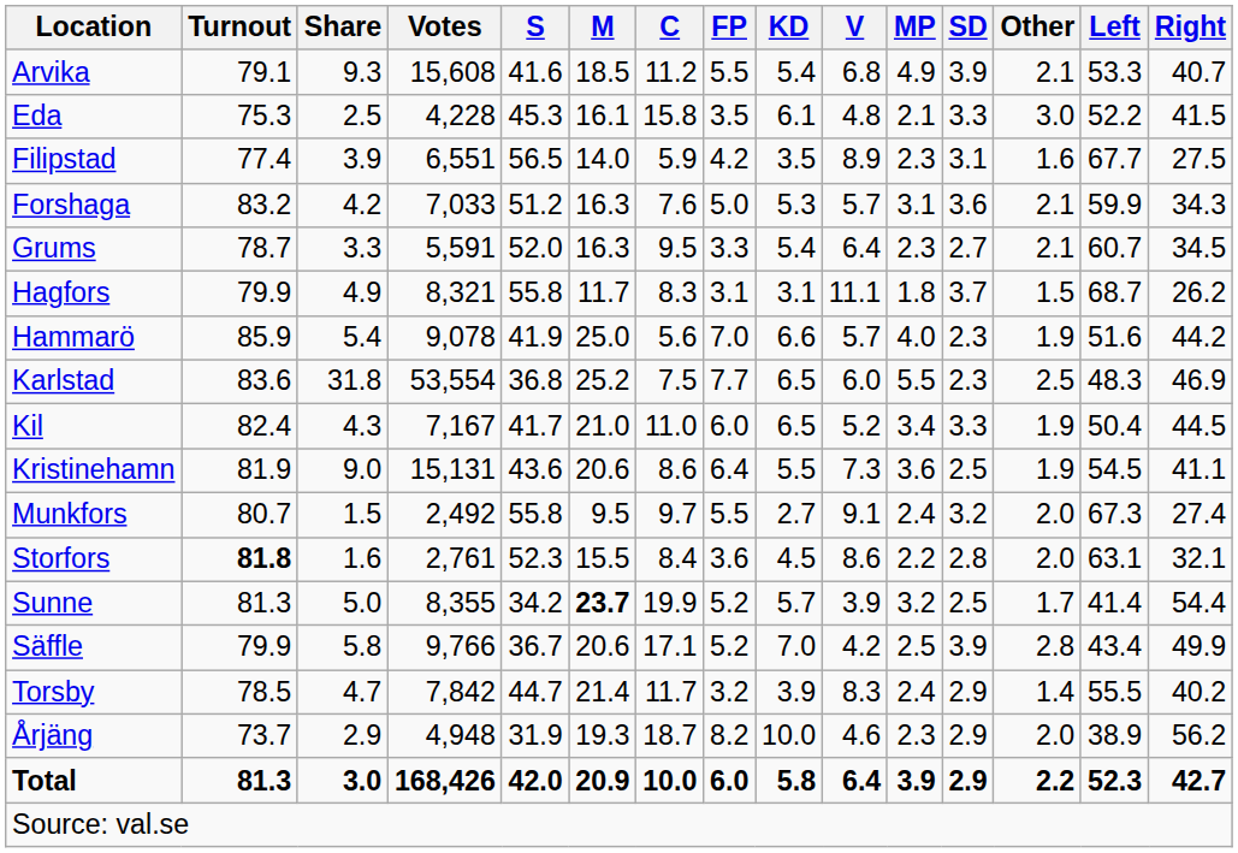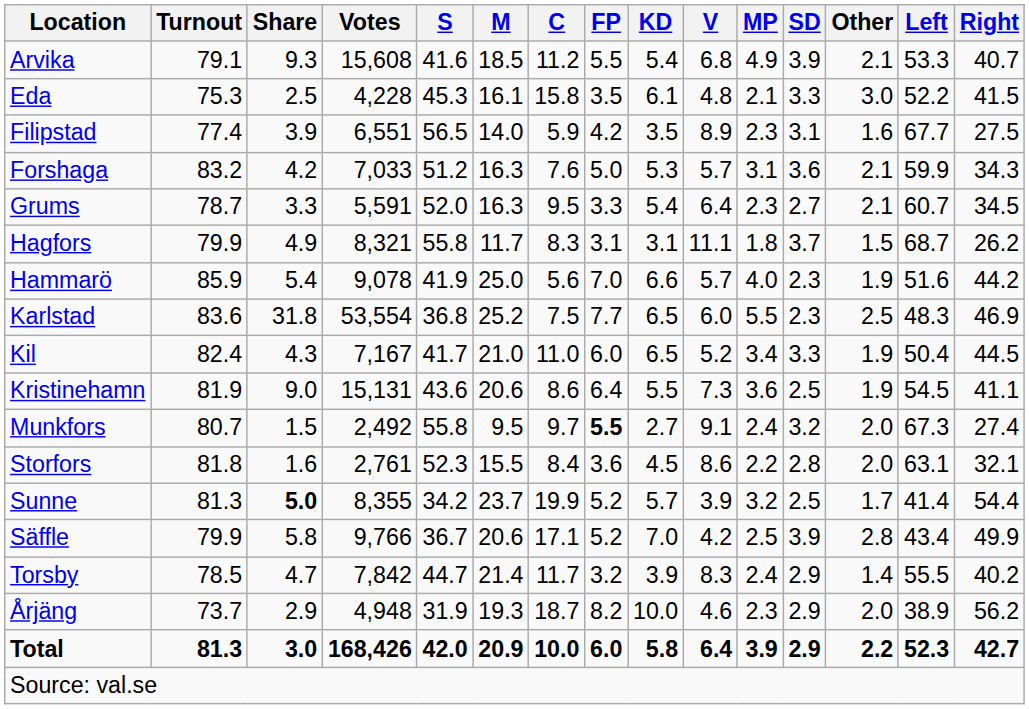 <table class="wikitable sortable" style=text-align:right>
 <tr>
 <th>Location</th>
 <th>Turnout</th>
 <th>Share</th>
 <th>Votes</th>
 <th><a href='#'>S</a></th>
 <th><a href='#'>M</a></th>
 <th><a href='#'>C</a></th>
 <th><a href='#'>FP</a></th>
 <th><a href='#'>KD</a></th>
 <th><a href='#'>V</a></th>
 <th><a href='#'>MP</a></th>
 <th><a href='#'>SD</a></th>
 <th>Other</th>
 <th><a href='#'>Left</a></th>
 <th><a href='#'>Right</a></th>
 </tr>
 <tr>
 <td align=left><a href='#'>Arvika</a></td>
 <td>79.1</td>
 <td>9.3</td>
 <td>15,608</td>
 <td>41.6</td>
 <td>18.5</td>
 <td>11.2</td>
 <td>5.5</td>
 <td>5.4</td>
 <td>6.8</td>
 <td>4.9</td>
 <td>3.9</td>
 <td>2.1</td>
 <td>53.3</td>
 <td>40.7</td>
 </tr>
 <tr>
 <td align=left><a href='#'>Eda</a></td>
 <td>75.3</td>
 <td>2.5</td>
 <td>4,228</td>
 <td>45.3</td>
 <td>16.1</td>
 <td>15.8</td>
 <td>3.5</td>
 <td>6.1</td>
 <td>4.8</td>
 <td>2.1</td>
 <td>3.3</td>
 <td>3.0</td>
 <td>52.2</td>
 <td>41.5</td>
 </tr>
 <tr>
 <td align=left><a href='#'>Filipstad</a></td>
 <td>77.4</td>
 <td>3.9</td>
 <td>6,551</td>
 <td>56.5</td>
 <td>14.0</td>
 <td>5.9</td>
 <td>4.2</td>
 <td>3.5</td>
 <td>8.9</td>
 <td>2.3</td>
 <td>3.1</td>
 <td>1.6</td>
 <td>67.7</td>
 <td>27.5</td>
 </tr>
 <tr>
 <td align=left><a href='#'>Forshaga</a></td>
 <td>83.2</td>
 <td>4.2</td>
 <td>7,033</td>
 <td>51.2</td>
 <td>16.3</td>
 <td>7.6</td>
 <td>5.0</td>
 <td>5.3</td>
 <td>5.7</td>
 <td>3.1</td>
 <td>3.6</td>
 <td>2.1</td>
 <td>59.9</td>
 <td>34.3</td>
 </tr>
 <tr>
 <td align=left><a href='#'>Grums</a></td>
 <td>78.7</td>
 <td>3.3</td>
 <td>5,591</td>
 <td>52.0</td>
 <td>16.3</td>
 <td>9.5</td>
 <td>3.3</td>
 <td>5.4</td>
 <td>6.4</td>
 <td>2.3</td>
 <td>2.7</td>
 <td>2.1</td>
 <td>60.7</td>
 <td>34.5</td>
 </tr>
 <tr>
 <td align=left><a href='#'>Hagfors</a></td>
 <td>79.9</td>
 <td>4.9</td>
 <td>8,321</td>
 <td>55.8</td>
 <td>11.7</td>
 <td>8.3</td>
 <td>3.1</td>
 <td>3.1</td>
 <td>11.1</td>
 <td>1.8</td>
 <td>3.7</td>
 <td>1.5</td>
 <td>68.7</td>
 <td>26.2</td>
 </tr>
 <tr>
 <td align=left><a href='#'>Hammarö</a></td>
 <td>85.9</td>
 <td>5.4</td>
 <td>9,078</td>
 <td>41.9</td>
 <td>25.0</td>
 <td>5.6</td>
 <td>7.0</td>
 <td>6.6</td>
 <td>5.7</td>
 <td>4.0</td>
 <td>2.3</td>
 <td>1.9</td>
 <td>51.6</td>
 <td>44.2</td>
 </tr>
 <tr>
 <td align=left><a href='#'>Karlstad</a></td>
 <td>83.6</td>
 <td>31.8</td>
 <td>53,554</td>
 <td>36.8</td>
 <td>25.2</td>
 <td>7.5</td>
 <td>7.7</td>
 <td>6.5</td>
 <td>6.0</td>
 <td>5.5</td>
 <td>2.3</td>
 <td>2.5</td>
 <td>48.3</td>
 <td>46.9</td>
 </tr>
 <tr>
 <td align=left><a href='#'>Kil</a></td>
 <td>82.4</td>
 <td>4.3</td>
 <td>7,167</td>
 <td>41.7</td>
 <td>21.0</td>
 <td>11.0</td>
 <td>6.0</td>
 <td>6.5</td>
 <td>5.2</td>
 <td>3.4</td>
 <td>3.3</td>
 <td>1.9</td>
 <td>50.4</td>
 <td>44.5</td>
 </tr>
 <tr>
 <td align=left><a href='#'>Kristinehamn</a></td>
 <td>81.9</td>
 <td>9.0</td>
 <td>15,131</td>
 <td>43.6</td>
 <td>20.6</td>
 <td>8.6</td>
 <td>6.4</td>
 <td>5.5</td>
 <td>7.3</td>
 <td>3.6</td>
 <td>2.5</td>
 <td>1.9</td>
 <td>54.5</td>
 <td>41.1</td>
 </tr>
 <tr>
 <td align=left><a href='#'>Munkfors</a></td>
 <td>80.7</td>
 <td>1.5</td>
 <td>2,492</td>
 <td>55.8</td>
 <td>9.5</td>
 <td>9.7</td>
-<td>5.5</td>
+<td><strong>5.5</strong></td>
 <td>2.7</td>
 <td>9.1</td>
 <td>2.4</td>
 <td>3.2</td>
 <td>2.0</td>
 <td>67.3</td>
 <td>27.4</td>
 </tr>
 <tr>
 <td align=left><a href='#'>Storfors</a></td>
-<td><strong>81.8</strong></td>
+<td>81.8</td>
 <td>1.6</td>
 <td>2,761</td>
 <td>52.3</td>
 <td>15.5</td>
 <td>8.4</td>
 <td>3.6</td>
 <td>4.5</td>
 <td>8.6</td>
 <td>2.2</td>
 <td>2.8</td>
 <td>2.0</td>
 <td>63.1</td>
 <td>32.1</td>
 </tr>
 <tr>
 <td align=left><a href='#'>Sunne</a></td>
 <td>81.3</td>
-<td>5.0</td>
+<td><strong>5.0</strong></td>
 <td>8,355</td>
 <td>34.2</td>
-<td><strong>23.7</strong></td>
+<td>23.7</td>
 <td>19.9</td>
 <td>5.2</td>
 <td>5.7</td>
 <td>3.9</td>
 <td>3.2</td>
 <td>2.5</td>
 <td>1.7</td>
 <td>41.4</td>
 <td>54.4</td>
 </tr>
 <tr>
 <td align=left><a href='#'>Säffle</a></td>
 <td>79.9</td>
 <td>5.8</td>
 <td>9,766</td>
 <td>36.7</td>
 <td>20.6</td>
 <td>17.1</td>
 <td>5.2</td>
 <td>7.0</td>
 <td>4.2</td>
 <td>2.5</td>
 <td>3.9</td>
 <td>2.8</td>
 <td>43.4</td>
 <td>49.9</td>
 </tr>
 <tr>
 <td align=left><a href='#'>Torsby</a></td>
 <td>78.5</td>
 <td>4.7</td>
 <td>7,842</td>
 <td>44.7</td>
 <td>21.4</td>
 <td>11.7</td>
 <td>3.2</td>
 <td>3.9</td>
 <td>8.3</td>
 <td>2.4</td>
 <td>2.9</td>
 <td>1.4</td>
 <td>55.5</td>
 <td>40.2</td>
 </tr>
 <tr>
 <td align=left><a href='#'>Årjäng</a></td>
 <td>73.7</td>
 <td>2.9</td>
 <td>4,948</td>
 <td>31.9</td>
 <td>19.3</td>
 <td>18.7</td>
 <td>8.2</td>
 <td>10.0</td>
 <td>4.6</td>
 <td>2.3</td>
 <td>2.9</td>
 <td>2.0</td>
 <td>38.9</td>
 <td>56.2</td>
 </tr>
 <tr>
 <td align=left><strong>Total</strong></td>
 <td><strong>81.3</strong></td>
 <td><strong>3.0</strong></td>
 <td><strong>168,426</strong></td>
 <td><strong>42.0</strong></td>
 <td><strong>20.9</strong></td>
 <td><strong>10.0</strong></td>
 <td><strong>6.0</strong></td>
 <td><strong>5.8</strong></td>
 <td><strong>6.4</strong></td>
 <td><strong>3.9</strong></td>
 <td><strong>2.9</strong></td>
 <td><strong>2.2</strong></td>
 <td><strong>52.3</strong></td>
 <td><strong>42.7</strong></td>
 </tr>
 <tr>
 <td align=left colspan=15>Source: val.se </td>
 </tr>
 </table>
